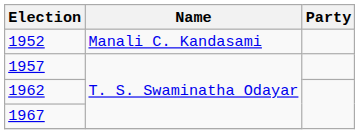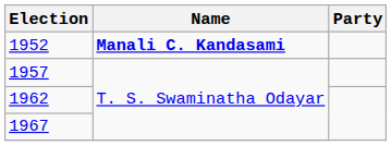 <table class="wikitable sortable">
 <tr>
 <th>Election</th>
 <th>Name</th>
 <th colspan=2>Party</th>
 </tr>
 <tr>
 <td><a href='#'>1952</a></td>
-<td><a href='#'>Manali C. Kandasami</a></td>
+<td><strong><a href='#'>Manali C. Kandasami</a></strong></td>
 <td></td>
 </tr>
 <tr>
 <td><a href='#'>1957</a></td>
 <td rowspan=3><a href='#'>T. S. Swaminatha Odayar</a></td>
 <td></td>
 </tr>
 <tr>
 <td><a href='#'>1962</a></td>
 </tr>
 <tr>
 <td><a href='#'>1967</a></td>
 </tr>
 <tr>
 </tr>
 </table>
